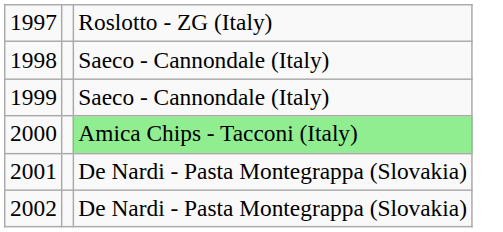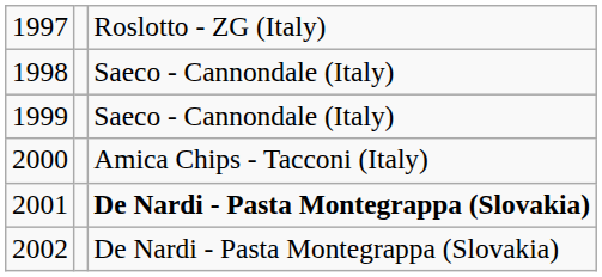 <table class="wikitable">
 <tr>
 <td>1997</td>
 <td></td>
 <td>Roslotto - ZG (Italy) </td>
 </tr>
 <tr>
 <td>1998</td>
 <td></td>
 <td>Saeco - Cannondale (Italy)</td>
 </tr>
 <tr>
 <td>1999</td>
 <td></td>
 <td>Saeco - Cannondale (Italy)</td>
 </tr>
 <tr>
 <td>2000</td>
 <td></td>
-<td style="background: lightgreen;">Amica Chips - Tacconi (Italy)</td>
+<td>Amica Chips - Tacconi (Italy)</td>
 </tr>
 <tr>
 <td>2001</td>
 <td></td>
-<td>De Nardi - Pasta Montegrappa (Slovakia)</td>
+<td><strong>De Nardi - Pasta Montegrappa (Slovakia)</strong></td>
 </tr>
 <tr>
 <td>2002</td>
 <td></td>
 <td>De Nardi - Pasta Montegrappa (Slovakia)</td>
 </tr>
 </table>
